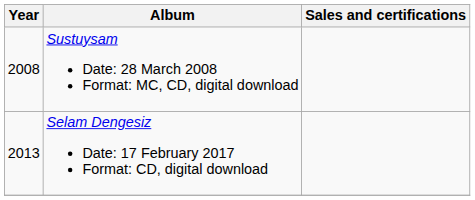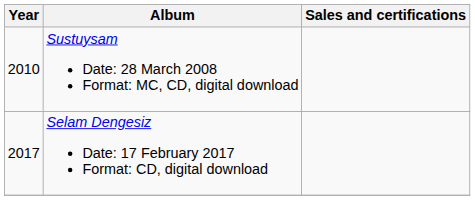 <table class="wikitable">
 <tr>
 <th>Year</th>
 <th>Album</th>
 <th>Sales and certifications</th>
 </tr>
 <tr>
-<td>2008</td>
+<td>2010</td>
 <td><em><a href='#'>Sustuysam</a></em><br><ul><li>Date: 28 March 2008</li><li>Format: MC, CD, digital download</li></ul></td>
 <td></td>
 </tr>
 <tr>
-<td>2013</td>
+<td>2017</td>
 <td><em><a href='#'>Selam Dengesiz</a></em><br><ul><li>Date: 17 February 2017</li><li>Format: CD, digital download</li></ul></td>
 <td></td>
 </tr>
 <tr>
 </tr>
 </table>
